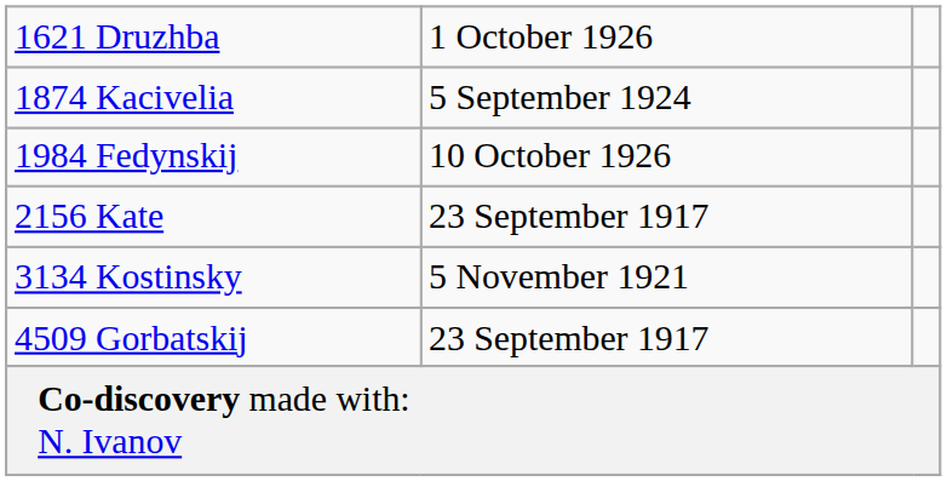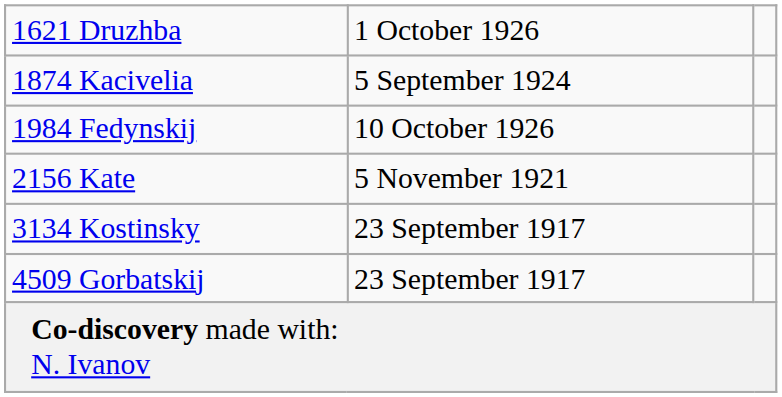 <table class="wikitable" style="font-size: 89%; float: left; width: 26em; margin-right: 1em;">
 <tr>
 <td><a href='#'>1621 Druzhba</a></td>
 <td>1 October 1926</td>
 <td></td>
 </tr>
 <tr>
 <td><a href='#'>1874 Kacivelia</a></td>
 <td>5 September 1924</td>
 <td></td>
 </tr>
 <tr>
 <td><a href='#'>1984 Fedynskij</a></td>
 <td>10 October 1926</td>
 <td></td>
 </tr>
 <tr>
 <td><a href='#'>2156 Kate</a></td>
-<td>23 September 1917</td>
+<td>5 November 1921</td>
 <td></td>
 </tr>
 <tr>
 <td><a href='#'>3134 Kostinsky</a></td>
-<td>5 November 1921</td>
+<td>23 September 1917</td>
 <td></td>
 </tr>
 <tr>
 <td><a href='#'>4509 Gorbatskij</a></td>
 <td>23 September 1917</td>
 <td></td>
 </tr>
 <tr>
 <th colspan=3 style="font-weight: normal; text-align: left; padding: 4px 12px;"><strong>Co-discovery</strong> made with:<br> <a href='#'>N. Ivanov</a></th>
 </tr>
 </table>
